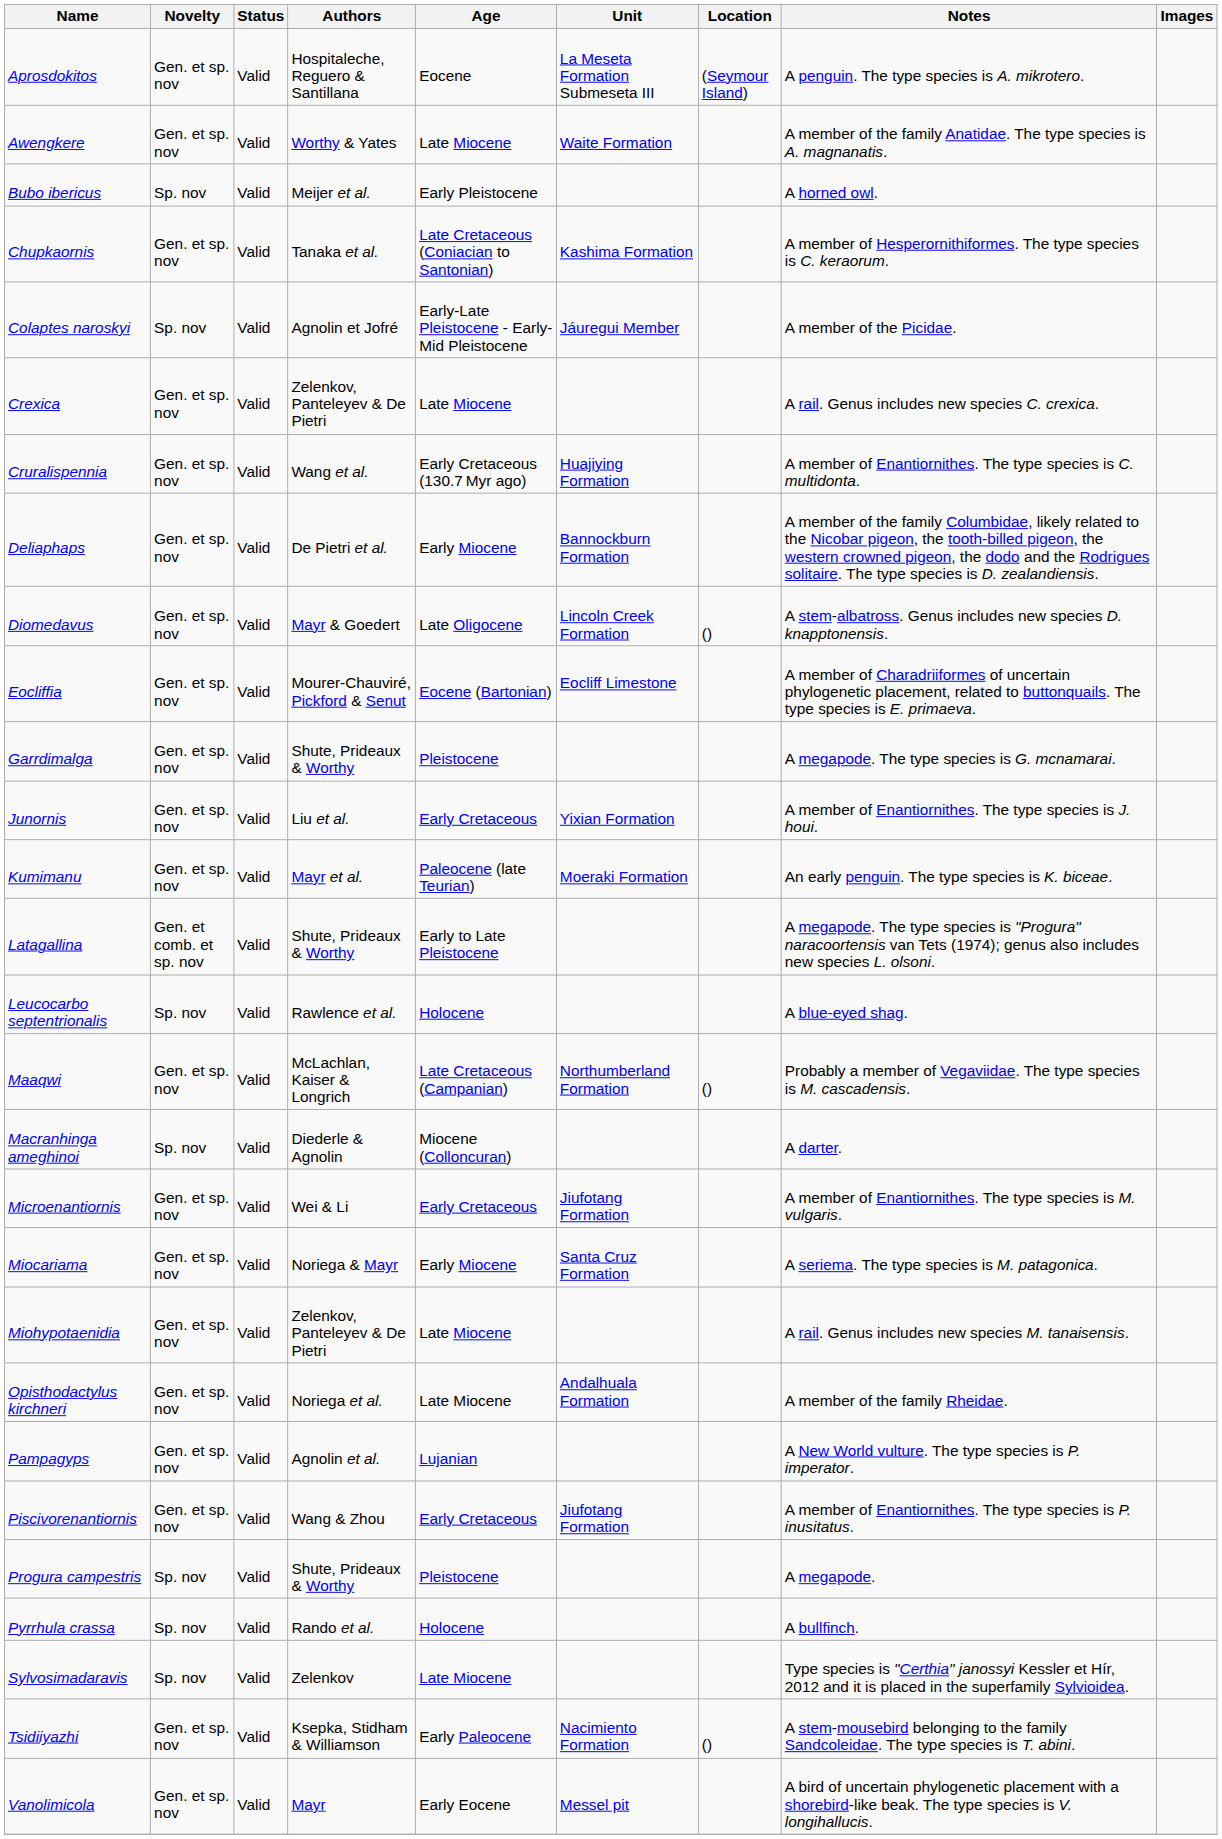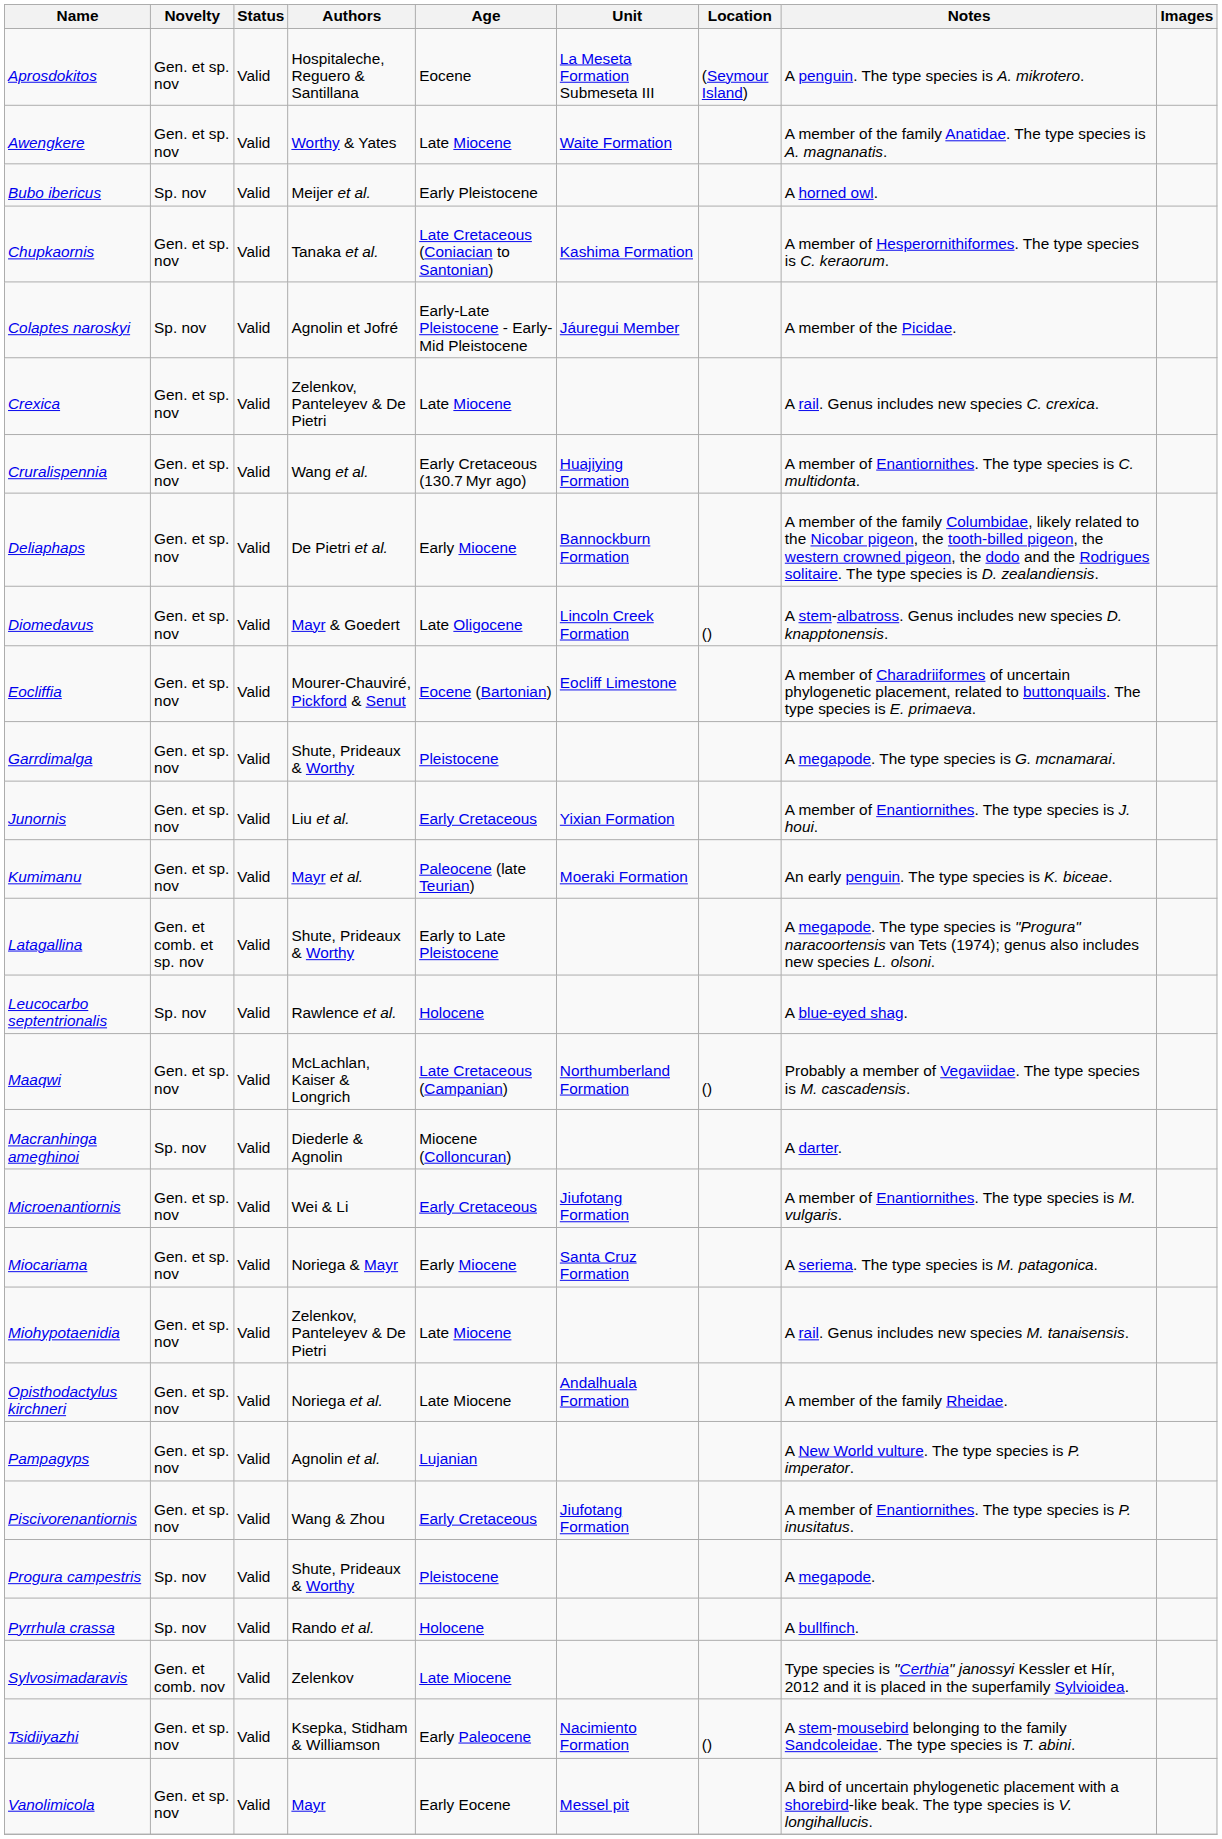 <table class="wikitable sortable" align="center" width="100%">
 <tr>
 <th>Name</th>
 <th>Novelty</th>
 <th>Status</th>
 <th>Authors</th>
 <th>Age</th>
 <th>Unit</th>
 <th>Location</th>
 <th>Notes</th>
 <th>Images</th>
 </tr>
 <tr>
 <td><br><em><a href='#'>Aprosdokitos</a></em></td>
 <td><br>Gen. et sp. nov</td>
 <td><br>Valid</td>
 <td><br>Hospitaleche, Reguero & Santillana</td>
 <td><br>Eocene</td>
 <td><br><a href='#'>La Meseta Formation</a> Submeseta III</td>
 <td><br><br>(<a href='#'>Seymour Island</a>)</td>
 <td><br>A <a href='#'>penguin</a>. The type species is <em>A. mikrotero</em>.</td>
 <td></td>
 </tr>
 <tr>
 <td><br><em><a href='#'>Awengkere</a></em></td>
 <td><br>Gen. et sp. nov</td>
 <td><br>Valid</td>
 <td><br><a href='#'>Worthy</a> & Yates</td>
 <td><br>Late <a href='#'>Miocene</a></td>
 <td><br><a href='#'>Waite Formation</a></td>
 <td><br></td>
 <td><br>A member of the family <a href='#'>Anatidae</a>. The type species is <em>A. magnanatis</em>.</td>
 <td></td>
 </tr>
 <tr>
 <td><br><em><a href='#'>Bubo ibericus</a></em></td>
 <td><br>Sp. nov</td>
 <td><br>Valid</td>
 <td><br>Meijer <em>et al.</em></td>
 <td><br>Early Pleistocene</td>
 <td></td>
 <td><br></td>
 <td><br>A <a href='#'>horned owl</a>.</td>
 <td></td>
 </tr>
 <tr>
 <td><br><em><a href='#'>Chupkaornis</a></em></td>
 <td><br>Gen. et sp. nov</td>
 <td><br>Valid</td>
 <td><br>Tanaka <em>et al.</em></td>
 <td><br><a href='#'>Late Cretaceous</a> (<a href='#'>Coniacian</a> to <a href='#'>Santonian</a>)</td>
 <td><br><a href='#'>Kashima Formation</a></td>
 <td><br></td>
 <td><br>A member of <a href='#'>Hesperornithiformes</a>. The type species is <em>C. keraorum</em>.</td>
 <td></td>
 </tr>
 <tr>
 <td><br><em><a href='#'>Colaptes naroskyi</a></em></td>
 <td><br>Sp. nov</td>
 <td><br>Valid</td>
 <td><br>Agnolin et Jofré</td>
 <td><br>Early-Late <a href='#'>Pleistocene</a> - Early-Mid Pleistocene</td>
 <td><br><a href='#'>Jáuregui Member</a></td>
 <td><br><br></td>
 <td><br>A member of the <a href='#'>Picidae</a>.</td>
 <td></td>
 </tr>
 <tr>
 <td><br><em><a href='#'>Crexica</a></em></td>
 <td><br>Gen. et sp. nov</td>
 <td><br>Valid</td>
 <td><br>Zelenkov, Panteleyev & De Pietri</td>
 <td><br>Late <a href='#'>Miocene</a></td>
 <td></td>
 <td><br></td>
 <td><br>A <a href='#'>rail</a>. Genus includes new species <em>C. crexica</em>.</td>
 <td></td>
 </tr>
 <tr>
 <td><br><em><a href='#'>Cruralispennia</a></em></td>
 <td><br>Gen. et sp. nov</td>
 <td><br>Valid</td>
 <td><br>Wang <em>et al.</em></td>
 <td><br>Early Cretaceous (130.7 Myr ago)</td>
 <td><br><a href='#'>Huajiying Formation</a></td>
 <td><br></td>
 <td><br>A member of <a href='#'>Enantiornithes</a>. The type species is <em>C. multidonta</em>.</td>
 <td></td>
 </tr>
 <tr>
 <td><br><em><a href='#'>Deliaphaps</a></em></td>
 <td><br>Gen. et sp. nov</td>
 <td><br>Valid</td>
 <td><br>De Pietri <em>et al.</em></td>
 <td><br>Early <a href='#'>Miocene</a></td>
 <td><br><a href='#'>Bannockburn Formation</a></td>
 <td><br></td>
 <td><br>A member of the family <a href='#'>Columbidae</a>, likely related to the <a href='#'>Nicobar pigeon</a>, the <a href='#'>tooth-billed pigeon</a>, the <a href='#'>western crowned pigeon</a>, the <a href='#'>dodo</a> and the <a href='#'>Rodrigues solitaire</a>. The type species is <em>D. zealandiensis</em>.</td>
 <td></td>
 </tr>
 <tr>
 <td><br><em><a href='#'>Diomedavus</a></em></td>
 <td><br>Gen. et sp. nov</td>
 <td><br>Valid</td>
 <td><br><a href='#'>Mayr</a> & Goedert</td>
 <td><br>Late <a href='#'>Oligocene</a></td>
 <td><br><a href='#'>Lincoln Creek Formation</a></td>
 <td><br><br>()</td>
 <td><br>A <a href='#'>stem</a>-<a href='#'>albatross</a>. Genus includes new species <em>D. knapptonensis</em>.</td>
 <td></td>
 </tr>
 <tr>
 <td><br><em><a href='#'>Eocliffia</a></em></td>
 <td><br>Gen. et sp. nov</td>
 <td><br>Valid</td>
 <td><br>Mourer-Chauviré, <a href='#'>Pickford</a> & <a href='#'>Senut</a></td>
 <td><br><a href='#'>Eocene</a> (<a href='#'>Bartonian</a>)</td>
 <td><a href='#'>Eocliff Limestone</a></td>
 <td><br></td>
 <td><br>A member of <a href='#'>Charadriiformes</a> of uncertain phylogenetic placement, related to <a href='#'>buttonquails</a>. The type species is <em>E. primaeva</em>.</td>
 <td></td>
 </tr>
 <tr>
 <td><br><em><a href='#'>Garrdimalga</a></em></td>
 <td><br>Gen. et sp. nov</td>
 <td><br>Valid</td>
 <td><br>Shute, Prideaux & <a href='#'>Worthy</a></td>
 <td><br><a href='#'>Pleistocene</a></td>
 <td></td>
 <td><br></td>
 <td><br>A <a href='#'>megapode</a>. The type species is <em>G. mcnamarai</em>.</td>
 <td></td>
 </tr>
 <tr>
 <td><br><em><a href='#'>Junornis</a></em></td>
 <td><br>Gen. et sp. nov</td>
 <td><br>Valid</td>
 <td><br>Liu <em>et al.</em></td>
 <td><br><a href='#'>Early Cretaceous</a></td>
 <td><br><a href='#'>Yixian Formation</a></td>
 <td><br></td>
 <td><br>A member of <a href='#'>Enantiornithes</a>. The type species is <em>J. houi</em>.</td>
 <td></td>
 </tr>
 <tr>
 <td><br><em><a href='#'>Kumimanu</a></em></td>
 <td><br>Gen. et sp. nov</td>
 <td><br>Valid</td>
 <td><br><a href='#'>Mayr</a> <em>et al.</em></td>
 <td><br><a href='#'>Paleocene</a> (late <a href='#'>Teurian</a>)</td>
 <td><br><a href='#'>Moeraki Formation</a></td>
 <td><br></td>
 <td><br>An early <a href='#'>penguin</a>. The type species is <em>K. biceae</em>.</td>
 <td></td>
 </tr>
 <tr>
 <td><br><em><a href='#'>Latagallina</a></em></td>
 <td><br>Gen. et comb. et sp. nov</td>
 <td><br>Valid</td>
 <td><br>Shute, Prideaux & <a href='#'>Worthy</a></td>
 <td><br>Early to Late <a href='#'>Pleistocene</a></td>
 <td></td>
 <td><br></td>
 <td><br>A <a href='#'>megapode</a>. The type species is <em>"Progura" naracoortensis</em> van Tets (1974); genus also includes new species <em>L. olsoni</em>.</td>
 <td></td>
 </tr>
 <tr>
 <td><br><em><a href='#'>Leucocarbo septentrionalis</a></em></td>
 <td><br>Sp. nov</td>
 <td><br>Valid</td>
 <td><br>Rawlence <em>et al.</em></td>
 <td><br><a href='#'>Holocene</a></td>
 <td></td>
 <td><br></td>
 <td><br>A <a href='#'>blue-eyed shag</a>.</td>
 <td></td>
 </tr>
 <tr>
 <td><br><em><a href='#'>Maaqwi</a></em></td>
 <td><br>Gen. et sp. nov</td>
 <td><br>Valid</td>
 <td><br>McLachlan, Kaiser & Longrich</td>
 <td><br><a href='#'>Late Cretaceous</a> (<a href='#'>Campanian</a>)</td>
 <td><br><a href='#'>Northumberland Formation</a></td>
 <td><br><br>()</td>
 <td><br>Probably a member of <a href='#'>Vegaviidae</a>. The type species is <em>M. cascadensis</em>.</td>
 <td></td>
 </tr>
 <tr>
 <td><br><em><a href='#'>Macranhinga ameghinoi</a></em></td>
 <td><br>Sp. nov</td>
 <td><br>Valid</td>
 <td><br>Diederle & Agnolin</td>
 <td><br>Miocene (<a href='#'>Colloncuran</a>)</td>
 <td></td>
 <td><br></td>
 <td><br>A <a href='#'>darter</a>.</td>
 <td></td>
 </tr>
 <tr>
 <td><br><em><a href='#'>Microenantiornis</a></em></td>
 <td><br>Gen. et sp. nov</td>
 <td><br>Valid</td>
 <td><br>Wei & Li</td>
 <td><br><a href='#'>Early Cretaceous</a></td>
 <td><br><a href='#'>Jiufotang Formation</a></td>
 <td><br></td>
 <td><br>A member of <a href='#'>Enantiornithes</a>. The type species is <em>M. vulgaris</em>.</td>
 <td></td>
 </tr>
 <tr>
 <td><br><em><a href='#'>Miocariama</a></em></td>
 <td><br>Gen. et sp. nov</td>
 <td><br>Valid</td>
 <td><br>Noriega & <a href='#'>Mayr</a></td>
 <td><br>Early <a href='#'>Miocene</a></td>
 <td><br><a href='#'>Santa Cruz Formation</a></td>
 <td><br></td>
 <td><br>A <a href='#'>seriema</a>. The type species is <em>M. patagonica</em>.</td>
 <td></td>
 </tr>
 <tr>
 <td><br><em><a href='#'>Miohypotaenidia</a></em></td>
 <td><br>Gen. et sp. nov</td>
 <td><br>Valid</td>
 <td><br>Zelenkov, Panteleyev & De Pietri</td>
 <td><br>Late <a href='#'>Miocene</a></td>
 <td></td>
 <td><br></td>
 <td><br>A <a href='#'>rail</a>. Genus includes new species <em>M. tanaisensis</em>.</td>
 <td></td>
 </tr>
 <tr>
 <td><br><em><a href='#'>Opisthodactylus kirchneri</a></em></td>
 <td><br>Gen. et sp. nov</td>
 <td><br>Valid</td>
 <td><br>Noriega <em>et al.</em></td>
 <td><br>Late Miocene</td>
 <td><a href='#'>Andalhuala Formation</a></td>
 <td><br></td>
 <td><br>A member of the family <a href='#'>Rheidae</a>.</td>
 <td></td>
 </tr>
 <tr>
 <td><br><em><a href='#'>Pampagyps</a></em></td>
 <td><br>Gen. et sp. nov</td>
 <td><br>Valid</td>
 <td><br>Agnolin <em>et al.</em></td>
 <td><br><a href='#'>Lujanian</a></td>
 <td></td>
 <td><br></td>
 <td><br>A <a href='#'>New World vulture</a>. The type species is <em>P. imperator</em>.</td>
 <td></td>
 </tr>
 <tr>
 <td><br><em><a href='#'>Piscivorenantiornis</a></em></td>
 <td><br>Gen. et sp. nov</td>
 <td><br>Valid</td>
 <td><br>Wang & Zhou</td>
 <td><br><a href='#'>Early Cretaceous</a></td>
 <td><br><a href='#'>Jiufotang Formation</a></td>
 <td><br></td>
 <td><br>A member of <a href='#'>Enantiornithes</a>. The type species is <em>P. inusitatus</em>.</td>
 <td></td>
 </tr>
 <tr>
 <td><br><em><a href='#'>Progura campestris</a></em></td>
 <td><br>Sp. nov</td>
 <td><br>Valid</td>
 <td><br>Shute, Prideaux & <a href='#'>Worthy</a></td>
 <td><br><a href='#'>Pleistocene</a></td>
 <td></td>
 <td><br></td>
 <td><br>A <a href='#'>megapode</a>.</td>
 <td></td>
 </tr>
 <tr>
 <td><br><em><a href='#'>Pyrrhula crassa</a></em></td>
 <td><br>Sp. nov</td>
 <td><br>Valid</td>
 <td><br>Rando <em>et al.</em></td>
 <td><br><a href='#'>Holocene</a></td>
 <td></td>
 <td><br></td>
 <td><br>A <a href='#'>bullfinch</a>.</td>
 <td></td>
 </tr>
 <tr>
 <td><br><em><a href='#'>Sylvosimadaravis</a></em></td>
-<td><br>Sp. nov</td>
+<td><br>Gen. et comb. nov</td>
 <td><br>Valid</td>
 <td><br>Zelenkov</td>
 <td><br><a href='#'>Late Miocene</a></td>
 <td></td>
 <td><br></td>
 <td><br>Type species is <em>"<a href='#'>Certhia</a>" janossyi</em> Kessler et Hír, 2012 and it is placed in the superfamily <a href='#'>Sylvioidea</a>.</td>
 <td></td>
 </tr>
 <tr>
 <td><br><em><a href='#'>Tsidiiyazhi</a></em></td>
 <td><br>Gen. et sp. nov</td>
 <td><br>Valid</td>
 <td><br>Ksepka, Stidham & Williamson</td>
 <td><br>Early <a href='#'>Paleocene</a></td>
 <td><br><a href='#'>Nacimiento Formation</a></td>
 <td><br><br>()</td>
 <td><br>A <a href='#'>stem</a>-<a href='#'>mousebird</a> belonging to the family <a href='#'>Sandcoleidae</a>. The type species is <em>T. abini</em>.</td>
 <td></td>
 </tr>
 <tr>
 <td><br><em><a href='#'>Vanolimicola</a></em></td>
 <td><br>Gen. et sp. nov</td>
 <td><br>Valid</td>
 <td><br><a href='#'>Mayr</a></td>
 <td><br>Early Eocene</td>
 <td><br><a href='#'>Messel pit</a></td>
 <td><br></td>
 <td><br>A bird of uncertain phylogenetic placement with a <a href='#'>shorebird</a>-like beak. The type species is <em>V. longihallucis</em>.</td>
 <td></td>
 </tr>
 <tr>
 </tr>
 </table>
